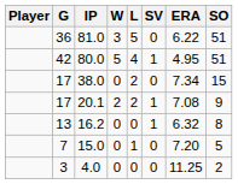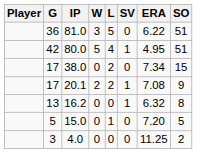 <table class="wikitable sortable">
 <tr>
 <th>Player</th>
 <th>G</th>
 <th>IP</th>
 <th>W</th>
 <th>L</th>
 <th>SV</th>
 <th>ERA</th>
 <th>SO</th>
 </tr>
 <tr align="center">
 <td></td>
 <td>36</td>
 <td>81.0</td>
 <td>3</td>
 <td>5</td>
 <td>0</td>
 <td>6.22</td>
 <td>51</td>
 </tr>
 <tr align="center">
 <td></td>
 <td>42</td>
 <td>80.0</td>
 <td>5</td>
 <td>4</td>
 <td>1</td>
 <td>4.95</td>
 <td>51</td>
 </tr>
 <tr align="center">
 <td></td>
 <td>17</td>
 <td>38.0</td>
 <td>0</td>
 <td>2</td>
 <td>0</td>
 <td>7.34</td>
 <td>15</td>
 </tr>
 <tr align="center">
 <td></td>
 <td>17</td>
 <td>20.1</td>
 <td>2</td>
 <td>2</td>
 <td>1</td>
 <td>7.08</td>
 <td>9</td>
 </tr>
 <tr align="center">
 <td></td>
 <td>13</td>
 <td>16.2</td>
 <td>0</td>
 <td>0</td>
 <td>1</td>
 <td>6.32</td>
 <td>8</td>
 </tr>
 <tr align="center">
 <td></td>
-<td>7</td>
+<td>5</td>
 <td>15.0</td>
 <td>0</td>
 <td>1</td>
 <td>0</td>
 <td>7.20</td>
 <td>5</td>
 </tr>
 <tr align="center">
 <td></td>
 <td>3</td>
 <td>4.0</td>
 <td>0</td>
 <td>0</td>
 <td>0</td>
 <td>11.25</td>
 <td>2</td>
 </tr>
 </table>
